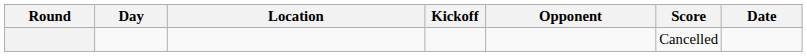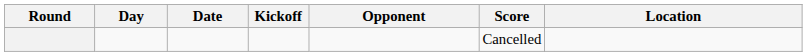 <table class="wikitable">
 <tr>
 <th width="100">Round</th>
 <th width="80">Day</th>
-<th width="315">Location</th>
+<th width="90">Date</th>
 <th width="60">Kickoff</th>
 <th width="200">Opponent</th>
 <th width="50">Score</th>
-<th width="90">Date</th>
+<th width="315">Location</th>
 </tr>
 <tr align="center" >
 <th></th>
 <td></td>
 <td></td>
 <td></td>
 <td></td>
 <td>Cancelled</td>
 <td></td>
 </tr>
 </table>
